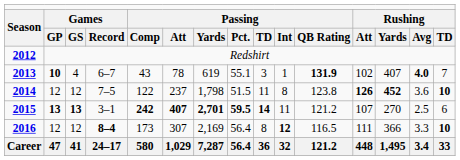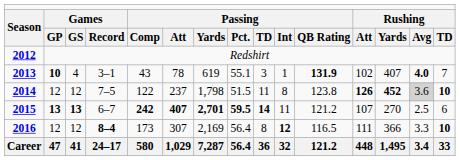 <table class=wikitable style="text-align:center;">
 <tr>
 <td ! colspan="15"></td>
 </tr>
 <tr>
 <th rowspan=2>Season</th>
 <th colspan="3">Games</th>
 <th colspan=7>Passing</th>
 <th colspan=4>Rushing</th>
 </tr>
 <tr>
 <th>GP</th>
 <th>GS</th>
 <th>Record</th>
 <th>Comp</th>
 <th>Att</th>
 <th>Yards</th>
 <th>Pct.</th>
 <th>TD</th>
 <th>Int</th>
 <th>QB Rating</th>
 <th>Att</th>
 <th>Yards</th>
 <th>Avg</th>
 <th>TD</th>
 </tr>
 <tr>
 <td><strong><a href='#'>2012</a></strong></td>
 <td colspan=14 style="text-align:center;"><em>Redshirt </em></td>
 </tr>
 <tr>
 <td><strong><a href='#'>2013</a></strong></td>
 <td><strong>10</strong></td>
 <td>4</td>
-<td>6–7</td>
+<td>3–1</td>
 <td>43</td>
 <td>78</td>
 <td>619</td>
 <td>55.1</td>
 <td>3</td>
 <td>1</td>
 <td><strong>131.9</strong></td>
 <td>102</td>
 <td>407</td>
 <td><strong>4.0</strong></td>
 <td>7</td>
 </tr>
 <tr>
 <td><strong><a href='#'>2014</a></strong></td>
 <td>12</td>
 <td>12</td>
 <td>7–5</td>
 <td>122</td>
 <td>237</td>
 <td>1,798</td>
 <td>51.5</td>
 <td>11</td>
 <td>8</td>
 <td>123.8</td>
 <td><strong>126</strong></td>
 <td><strong>452</strong></td>
-<td>3.6</td>
+<td style="background: lightgrey;">3.6</td>
 <td><strong>10</strong></td>
 </tr>
 <tr>
 <td><strong><a href='#'>2015</a></strong></td>
 <td><strong>13</strong></td>
 <td><strong>13</strong></td>
-<td>3–1</td>
+<td>6–7</td>
 <td><strong>242</strong></td>
 <td><strong>407</strong></td>
 <td><strong>2,701</strong></td>
 <td><strong>59.5</strong></td>
 <td><strong>14</strong></td>
 <td>11</td>
 <td>121.2</td>
 <td>107</td>
 <td>270</td>
 <td>2.5</td>
 <td>6</td>
 </tr>
 <tr>
 <td><strong><a href='#'>2016</a></strong></td>
 <td>12</td>
 <td>12</td>
 <td><strong>8–4</strong></td>
 <td>173</td>
 <td>307</td>
 <td>2,169</td>
 <td>56.4</td>
 <td>8</td>
 <td><strong>12</strong></td>
 <td>116.5</td>
 <td>111</td>
 <td>366</td>
 <td>3.3</td>
 <td><strong>10</strong></td>
 </tr>
 <tr>
 <th>Career</th>
 <th>47</th>
 <th>41</th>
 <th>24–17</th>
 <th>580</th>
 <th>1,029</th>
 <th>7,287</th>
 <th>56.4</th>
 <th>36</th>
 <th>32</th>
 <th>121.2</th>
 <th>448</th>
 <th>1,495</th>
 <th>3.4</th>
 <th>33</th>
 </tr>
 </table>
